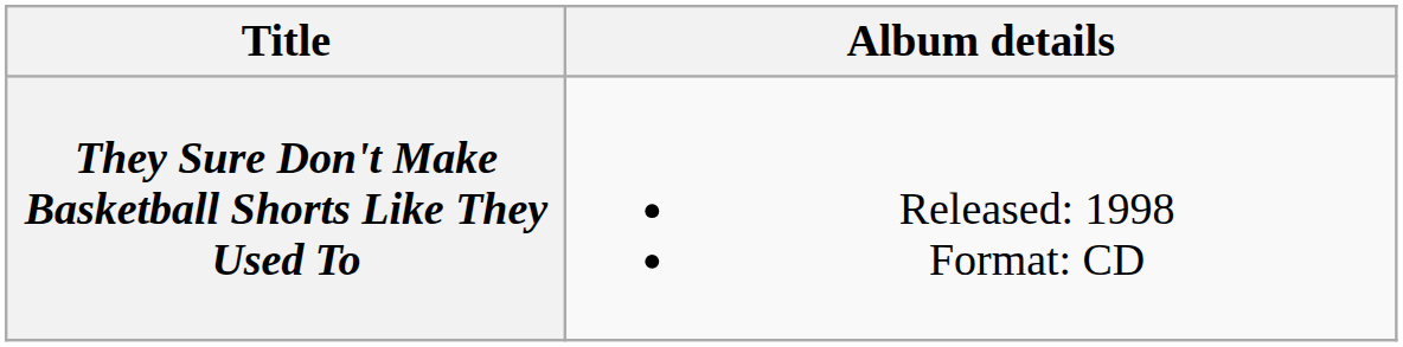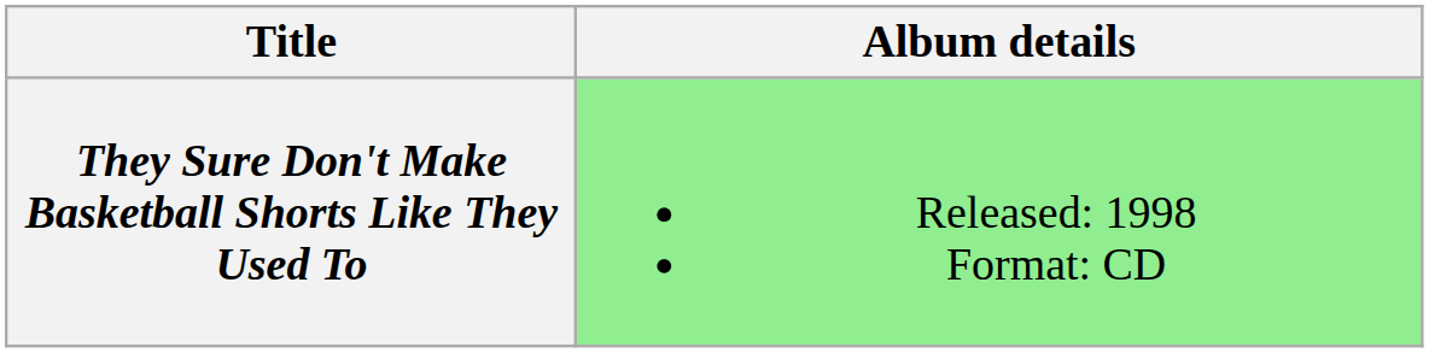 <table class="wikitable plainrowheaders" style="text-align:center;">
 <tr>
 <th scope="col" style="width:12em;">Title</th>
 <th scope="col" style="width:18em;">Album details</th>
 </tr>
 <tr>
 <th scope="row"><em>They Sure Don't Make Basketball Shorts Like They Used To</em></th>
-<td><br><ul><li>Released: 1998</li><li>Format: CD</li></ul></td>
+<td style="background: lightgreen;"><br><ul><li>Released: 1998</li><li>Format: CD</li></ul></td>
 </tr>
 </table>
